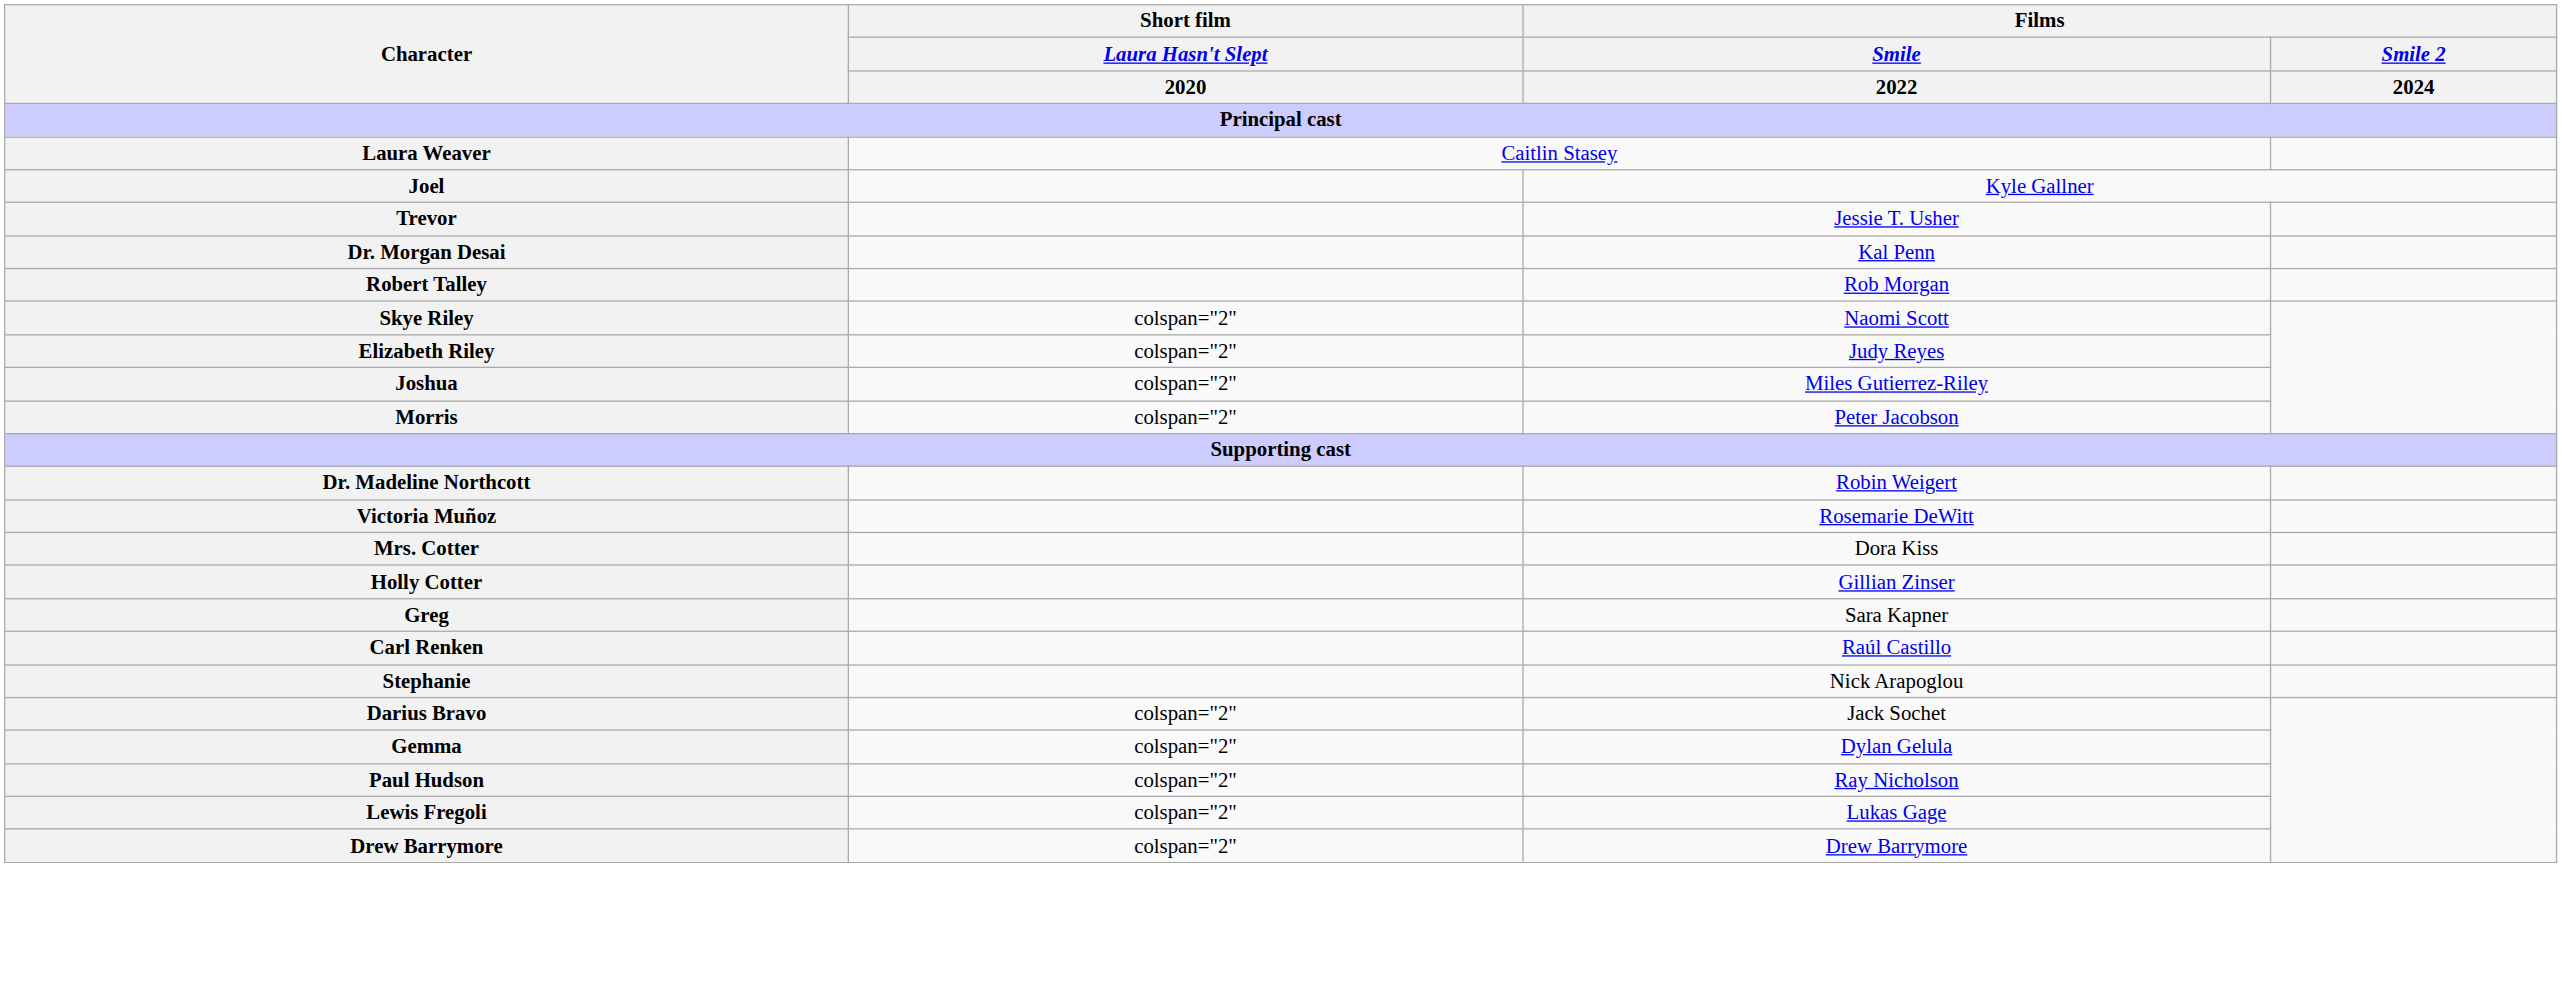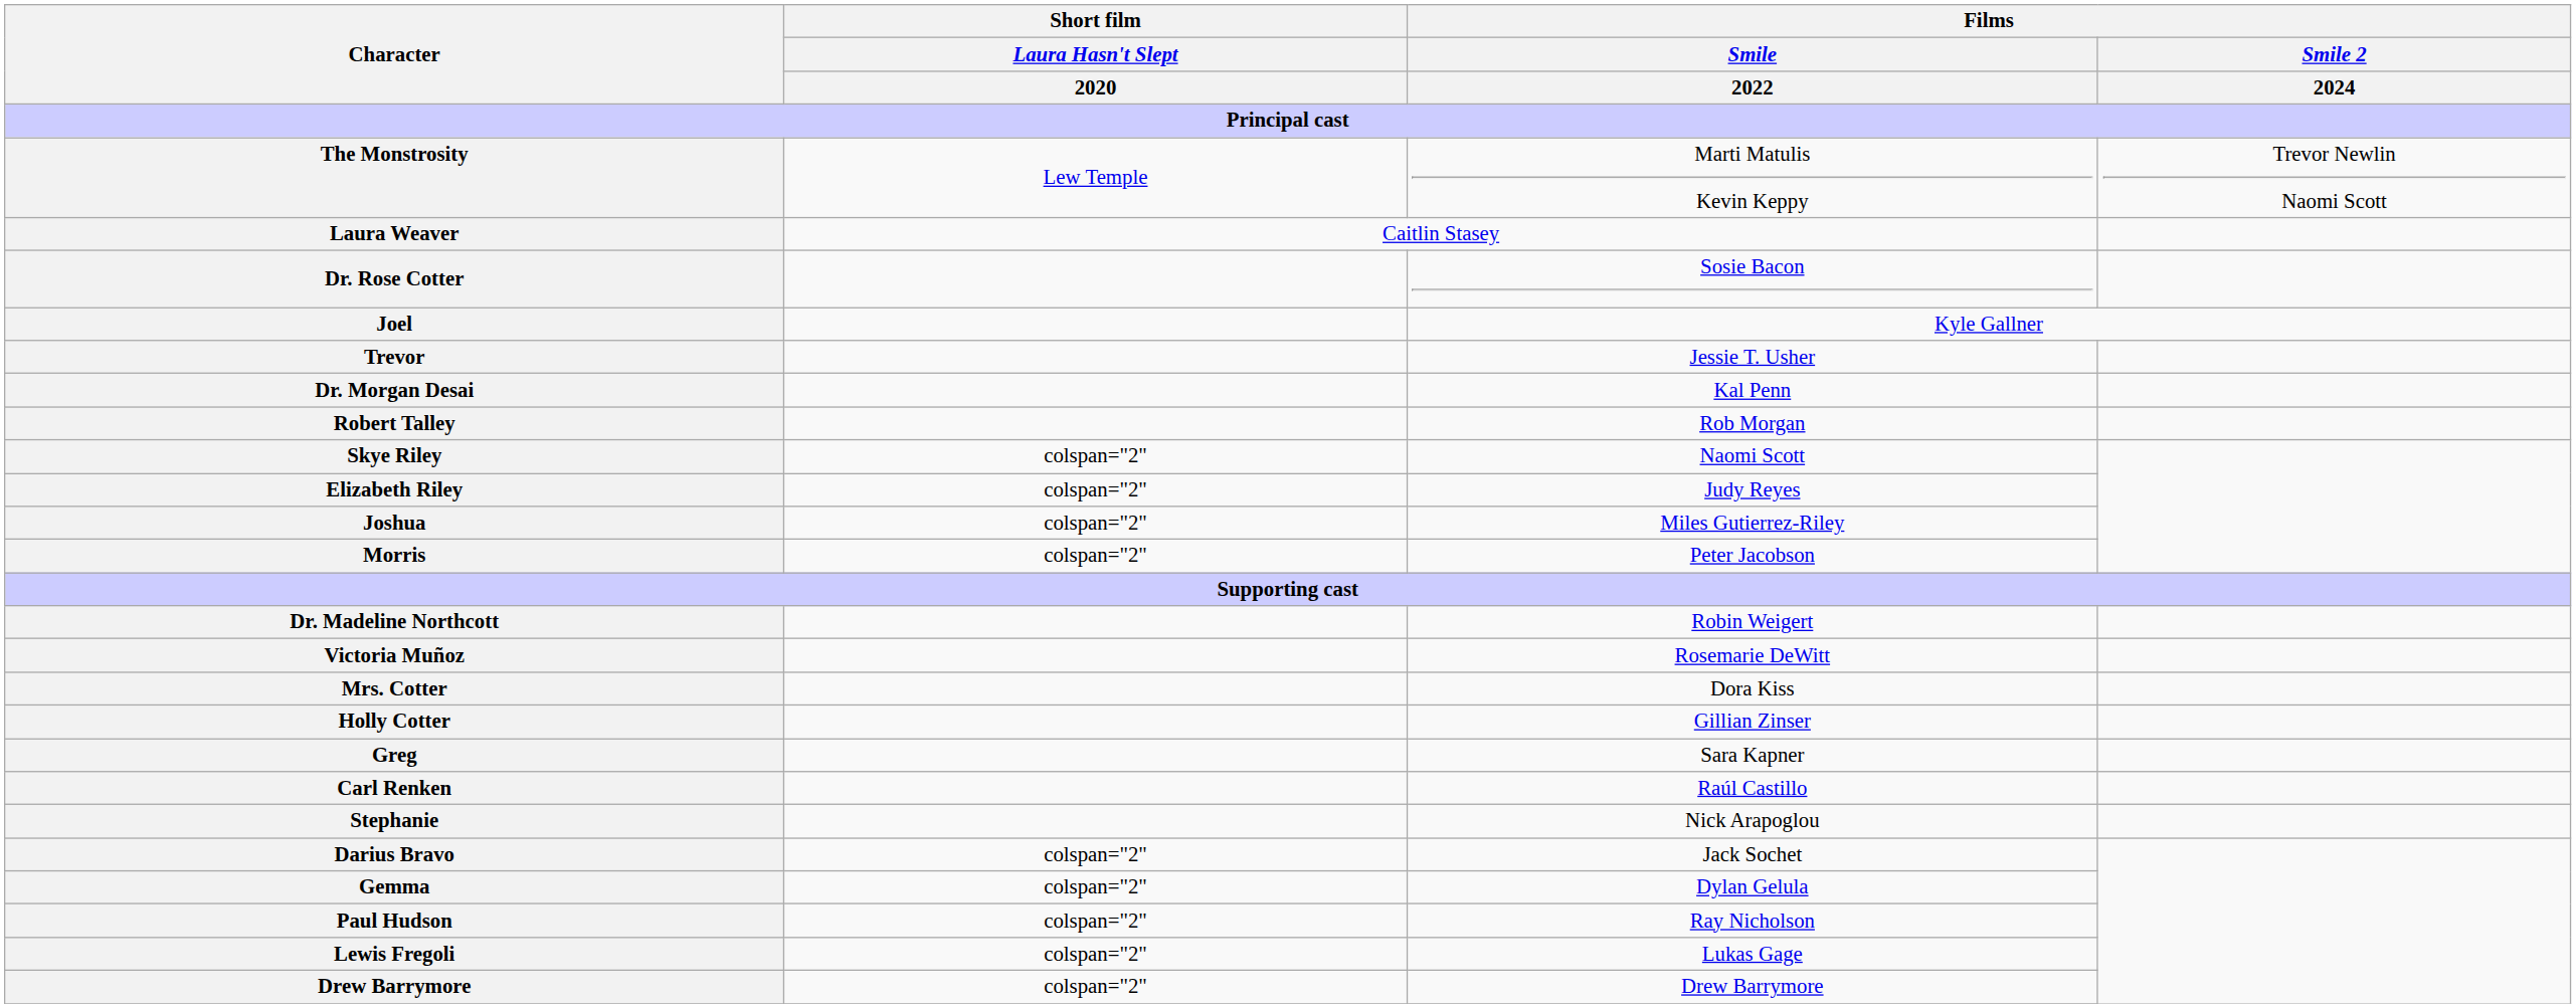 <table class="wikitable" style="text-align:center; width:99%;">
 <tr>
 <th rowspan="3">Character</th>
 <th style="text-align:center;">Short film</th>
 <th colspan="2" style="text-align:center;">Films</th>
 </tr>
 <tr>
 <th style="text-align:center;"><em><a href='#'>Laura Hasn't Slept</a></em></th>
 <th style="text-align:center;"><em><a href='#'>Smile</a></em></th>
 <th style="text-align:center;"><em><a href='#'>Smile 2</a></em></th>
 </tr>
 <tr>
 <th>2020</th>
 <th>2022</th>
 <th>2024</th>
 </tr>
 <tr>
 <th style="background-color:#ccccff;" colspan="4">Principal cast</th>
 </tr>
 <tr>
+<th>The Monstrosity<br><br><br></th>
+<td><a href='#'>Lew Temple</a></td>
+<td>Marti Matulis<hr>Kevin Keppy</td>
+<td>Trevor Newlin<hr>Naomi Scott</td>
+</tr>
+<tr>
 <th>Laura Weaver</th>
 <td colspan="2"><a href='#'>Caitlin Stasey</a></td>
+<td></td>
+</tr>
+<tr>
+<th>Dr. Rose Cotter</th>
+<td></td>
+<td><a href='#'>Sosie Bacon</a><hr></td>
 <td></td>
 </tr>
 <tr>
 <th>Joel</th>
 <td></td>
 <td colspan="2"><a href='#'>Kyle Gallner</a></td>
 </tr>
 <tr>
 <th>Trevor</th>
 <td></td>
 <td><a href='#'>Jessie T. Usher</a></td>
 <td></td>
 </tr>
 <tr>
 <th>Dr. Morgan Desai</th>
 <td></td>
 <td><a href='#'>Kal Penn</a></td>
 <td></td>
 </tr>
 <tr>
 <th>Robert Talley</th>
 <td></td>
 <td><a href='#'>Rob Morgan</a></td>
 <td></td>
 </tr>
 <tr>
 <th>Skye Riley</th>
 <td>colspan="2" </td>
 <td><a href='#'>Naomi Scott</a></td>
 </tr>
 <tr>
 <th>Elizabeth Riley</th>
 <td>colspan="2" </td>
 <td><a href='#'>Judy Reyes</a></td>
 </tr>
 <tr>
 <th>Joshua</th>
 <td>colspan="2" </td>
 <td><a href='#'>Miles Gutierrez-Riley</a></td>
 </tr>
 <tr>
 <th>Morris</th>
 <td>colspan="2" </td>
 <td><a href='#'>Peter Jacobson</a></td>
 </tr>
 <tr>
 <th style="background-color:#ccccff;" colspan="4">Supporting cast</th>
 </tr>
 <tr>
 <th>Dr. Madeline Northcott</th>
 <td></td>
 <td><a href='#'>Robin Weigert</a></td>
 <td></td>
 </tr>
 <tr>
 <th>Victoria Muñoz</th>
 <td></td>
 <td><a href='#'>Rosemarie DeWitt</a></td>
 <td></td>
 </tr>
 <tr>
 <th>Mrs. Cotter</th>
 <td></td>
 <td>Dora Kiss</td>
 <td></td>
 </tr>
 <tr>
 <th>Holly Cotter</th>
 <td></td>
 <td><a href='#'>Gillian Zinser</a></td>
 <td></td>
 </tr>
 <tr>
 <th>Greg</th>
 <td></td>
 <td>Sara Kapner</td>
 <td></td>
 </tr>
 <tr>
 <th>Carl Renken</th>
 <td></td>
 <td><a href='#'>Raúl Castillo</a></td>
 <td></td>
 </tr>
 <tr>
 <th>Stephanie</th>
 <td></td>
 <td>Nick Arapoglou</td>
 <td></td>
 </tr>
 <tr>
 <th>Darius Bravo</th>
 <td>colspan="2" </td>
 <td>Jack Sochet</td>
 </tr>
 <tr>
 <th>Gemma</th>
 <td>colspan="2" </td>
 <td><a href='#'>Dylan Gelula</a></td>
 </tr>
 <tr>
 <th>Paul Hudson</th>
 <td>colspan="2" </td>
 <td><a href='#'>Ray Nicholson</a></td>
 </tr>
 <tr>
 <th>Lewis Fregoli</th>
 <td>colspan="2" </td>
 <td><a href='#'>Lukas Gage</a></td>
 </tr>
 <tr>
 <th>Drew Barrymore</th>
 <td>colspan="2" </td>
 <td><a href='#'>Drew Barrymore</a></td>
 </tr>
 <tr>
 </tr>
 </table>
